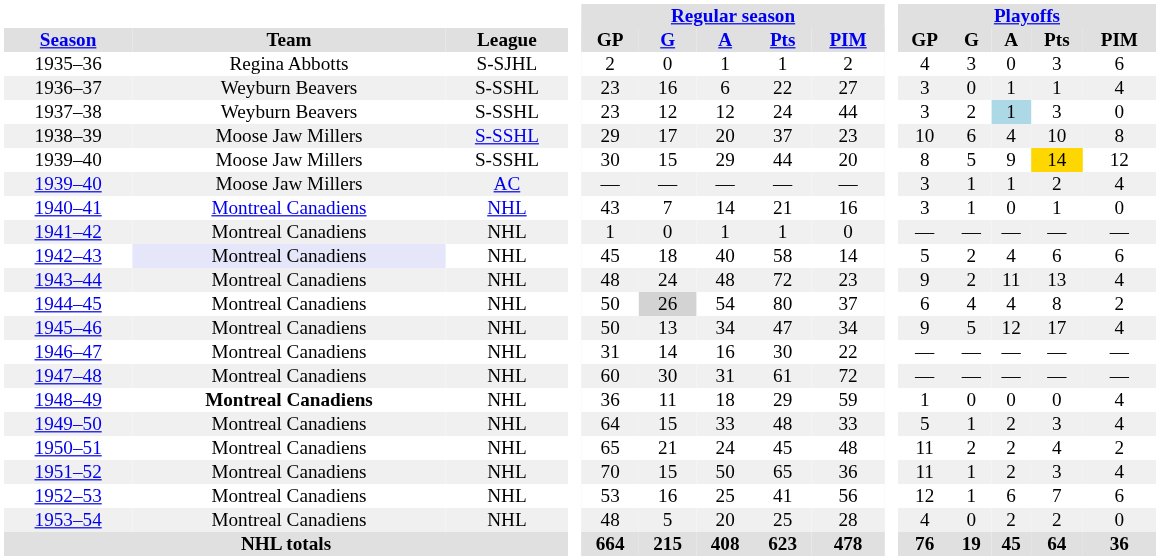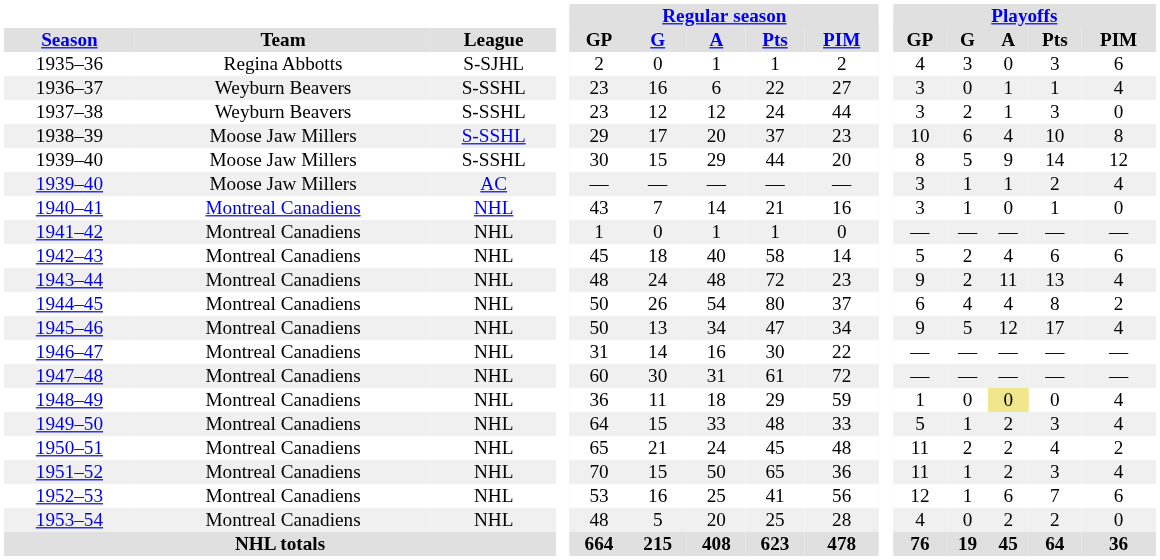 <table border="0" cellpadding="1" cellspacing="0" style="text-align:center; width:60em">
 <tr bgcolor="#e0e0e0">
 <th colspan="3" bgcolor="#ffffff"> </th>
 <th rowspan="99" bgcolor="#ffffff"> </th>
 <th colspan="5"><a href='#'>Regular season</a></th>
 <th rowspan="99" bgcolor="#ffffff"> </th>
 <th colspan="5"><a href='#'>Playoffs</a></th>
 </tr>
 <tr bgcolor="#e0e0e0">
 <th><a href='#'>Season</a></th>
 <th>Team</th>
 <th>League</th>
 <th>GP</th>
 <th><a href='#'>G</a></th>
 <th><a href='#'>A</a></th>
 <th><a href='#'>Pts</a></th>
 <th><a href='#'>PIM</a></th>
 <th>GP</th>
 <th>G</th>
 <th>A</th>
 <th>Pts</th>
 <th>PIM</th>
 </tr>
 <tr>
 <td>1935–36</td>
 <td>Regina Abbotts</td>
 <td>S-SJHL</td>
 <td>2</td>
 <td>0</td>
 <td>1</td>
 <td>1</td>
 <td>2</td>
 <td>4</td>
 <td>3</td>
 <td>0</td>
 <td>3</td>
 <td>6</td>
 </tr>
 <tr bgcolor="#f0f0f0">
 <td>1936–37</td>
 <td>Weyburn Beavers</td>
 <td>S-SSHL</td>
 <td>23</td>
 <td>16</td>
 <td>6</td>
 <td>22</td>
 <td>27</td>
 <td>3</td>
 <td>0</td>
 <td>1</td>
 <td>1</td>
 <td>4</td>
 </tr>
 <tr>
 <td>1937–38</td>
 <td>Weyburn Beavers</td>
 <td>S-SSHL</td>
 <td>23</td>
 <td>12</td>
 <td>12</td>
 <td>24</td>
 <td>44</td>
 <td>3</td>
 <td>2</td>
-<td style="background: lightblue;">1</td>
+<td>1</td>
 <td>3</td>
 <td>0</td>
 </tr>
 <tr bgcolor="#f0f0f0">
 <td>1938–39</td>
 <td>Moose Jaw Millers</td>
 <td><a href='#'>S-SSHL</a></td>
 <td>29</td>
 <td>17</td>
 <td>20</td>
 <td>37</td>
 <td>23</td>
 <td>10</td>
 <td>6</td>
 <td>4</td>
 <td>10</td>
 <td>8</td>
 </tr>
 <tr>
 <td>1939–40</td>
 <td>Moose Jaw Millers</td>
 <td>S-SSHL</td>
 <td>30</td>
 <td>15</td>
 <td>29</td>
 <td>44</td>
 <td>20</td>
 <td>8</td>
 <td>5</td>
 <td>9</td>
-<td style="background: gold;">14</td>
+<td>14</td>
 <td>12</td>
 </tr>
 <tr bgcolor="#f0f0f0">
 <td><a href='#'>1939–40</a></td>
 <td>Moose Jaw Millers</td>
 <td><a href='#'>AC</a></td>
 <td>—</td>
 <td>—</td>
 <td>—</td>
 <td>—</td>
 <td>—</td>
 <td>3</td>
 <td>1</td>
 <td>1</td>
 <td>2</td>
 <td>4</td>
 </tr>
 <tr>
 <td><a href='#'>1940–41</a></td>
 <td><a href='#'>Montreal Canadiens</a></td>
 <td><a href='#'>NHL</a></td>
 <td>43</td>
 <td>7</td>
 <td>14</td>
 <td>21</td>
 <td>16</td>
 <td>3</td>
 <td>1</td>
 <td>0</td>
 <td>1</td>
 <td>0</td>
 </tr>
 <tr bgcolor="#f0f0f0">
 <td><a href='#'>1941–42</a></td>
 <td>Montreal Canadiens</td>
 <td>NHL</td>
 <td>1</td>
 <td>0</td>
 <td>1</td>
 <td>1</td>
 <td>0</td>
 <td>—</td>
 <td>—</td>
 <td>—</td>
 <td>—</td>
 <td>—</td>
 </tr>
 <tr>
 <td><a href='#'>1942–43</a></td>
-<td style="background: lavender;">Montreal Canadiens</td>
+<td>Montreal Canadiens</td>
 <td>NHL</td>
 <td>45</td>
 <td>18</td>
 <td>40</td>
 <td>58</td>
 <td>14</td>
 <td>5</td>
 <td>2</td>
 <td>4</td>
 <td>6</td>
 <td>6</td>
 </tr>
 <tr bgcolor="#f0f0f0">
 <td><a href='#'>1943–44</a></td>
 <td>Montreal Canadiens</td>
 <td>NHL</td>
 <td>48</td>
 <td>24</td>
 <td>48</td>
 <td>72</td>
 <td>23</td>
 <td>9</td>
 <td>2</td>
 <td>11</td>
 <td>13</td>
 <td>4</td>
 </tr>
 <tr>
 <td><a href='#'>1944–45</a></td>
 <td>Montreal Canadiens</td>
 <td>NHL</td>
 <td>50</td>
-<td style="background: lightgrey;">26</td>
+<td>26</td>
 <td>54</td>
 <td>80</td>
 <td>37</td>
 <td>6</td>
 <td>4</td>
 <td>4</td>
 <td>8</td>
 <td>2</td>
 </tr>
 <tr bgcolor="#f0f0f0">
 <td><a href='#'>1945–46</a></td>
 <td>Montreal Canadiens</td>
 <td>NHL</td>
 <td>50</td>
 <td>13</td>
 <td>34</td>
 <td>47</td>
 <td>34</td>
 <td>9</td>
 <td>5</td>
 <td>12</td>
 <td>17</td>
 <td>4</td>
 </tr>
 <tr>
 <td><a href='#'>1946–47</a></td>
 <td>Montreal Canadiens</td>
 <td>NHL</td>
 <td>31</td>
 <td>14</td>
 <td>16</td>
 <td>30</td>
 <td>22</td>
 <td>—</td>
 <td>—</td>
 <td>—</td>
 <td>—</td>
 <td>—</td>
 </tr>
 <tr bgcolor="#f0f0f0">
 <td><a href='#'>1947–48</a></td>
 <td>Montreal Canadiens</td>
 <td>NHL</td>
 <td>60</td>
 <td>30</td>
 <td>31</td>
 <td>61</td>
 <td>72</td>
 <td>—</td>
 <td>—</td>
 <td>—</td>
 <td>—</td>
 <td>—</td>
 </tr>
 <tr>
 <td><a href='#'>1948–49</a></td>
-<td><strong>Montreal Canadiens</strong></td>
+<td>Montreal Canadiens</td>
 <td>NHL</td>
 <td>36</td>
 <td>11</td>
 <td>18</td>
 <td>29</td>
 <td>59</td>
 <td>1</td>
 <td>0</td>
-<td>0</td>
+<td style="background: khaki;">0</td>
 <td>0</td>
 <td>4</td>
 </tr>
 <tr bgcolor="#f0f0f0">
 <td><a href='#'>1949–50</a></td>
 <td>Montreal Canadiens</td>
 <td>NHL</td>
 <td>64</td>
 <td>15</td>
 <td>33</td>
 <td>48</td>
 <td>33</td>
 <td>5</td>
 <td>1</td>
 <td>2</td>
 <td>3</td>
 <td>4</td>
 </tr>
 <tr>
 <td><a href='#'>1950–51</a></td>
 <td>Montreal Canadiens</td>
 <td>NHL</td>
 <td>65</td>
 <td>21</td>
 <td>24</td>
 <td>45</td>
 <td>48</td>
 <td>11</td>
 <td>2</td>
 <td>2</td>
 <td>4</td>
 <td>2</td>
 </tr>
 <tr bgcolor="#f0f0f0">
 <td><a href='#'>1951–52</a></td>
 <td>Montreal Canadiens</td>
 <td>NHL</td>
 <td>70</td>
 <td>15</td>
 <td>50</td>
 <td>65</td>
 <td>36</td>
 <td>11</td>
 <td>1</td>
 <td>2</td>
 <td>3</td>
 <td>4</td>
 </tr>
 <tr>
 <td><a href='#'>1952–53</a></td>
 <td>Montreal Canadiens</td>
 <td>NHL</td>
 <td>53</td>
 <td>16</td>
 <td>25</td>
 <td>41</td>
 <td>56</td>
 <td>12</td>
 <td>1</td>
 <td>6</td>
 <td>7</td>
 <td>6</td>
 </tr>
 <tr bgcolor="#f0f0f0">
 <td><a href='#'>1953–54</a></td>
 <td>Montreal Canadiens</td>
 <td>NHL</td>
 <td>48</td>
 <td>5</td>
 <td>20</td>
 <td>25</td>
 <td>28</td>
 <td>4</td>
 <td>0</td>
 <td>2</td>
 <td>2</td>
 <td>0</td>
 </tr>
 <tr bgcolor="#e0e0e0">
 <th colspan="3">NHL totals</th>
 <th>664</th>
 <th>215</th>
 <th>408</th>
 <th>623</th>
 <th>478</th>
 <th>76</th>
 <th>19</th>
 <th>45</th>
 <th>64</th>
 <th>36</th>
 </tr>
 </table>
